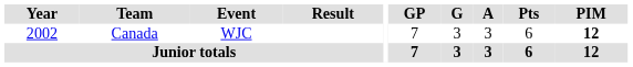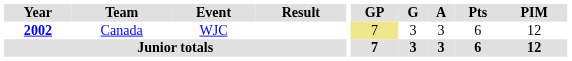 <table border="0" cellpadding="1" cellspacing="0" ID="Table3" style="text-align:center; width:40em">
 <tr ALIGN="center" bgcolor="#e0e0e0">
 <th>Year</th>
 <th>Team</th>
 <th>Event</th>
 <th>Result</th>
 <th rowspan="99" bgcolor="#ffffff"></th>
 <th>GP</th>
 <th>G</th>
 <th>A</th>
 <th>Pts</th>
 <th>PIM</th>
 </tr>
 <tr>
-<td><a href='#'>2002</a></td>
+<td><strong><a href='#'>2002</a></strong></td>
 <td><a href='#'>Canada</a></td>
 <td><a href='#'>WJC</a></td>
 <td></td>
-<td>7</td>
+<td style="background: khaki;">7</td>
 <td>3</td>
 <td>3</td>
 <td>6</td>
-<td><strong>12</strong></td>
+<td>12</td>
 </tr>
 <tr bgcolor="#e0e0e0">
 <th colspan="4">Junior totals</th>
 <th>7</th>
 <th>3</th>
 <th>3</th>
 <th>6</th>
 <th>12</th>
 </tr>
 </table>
